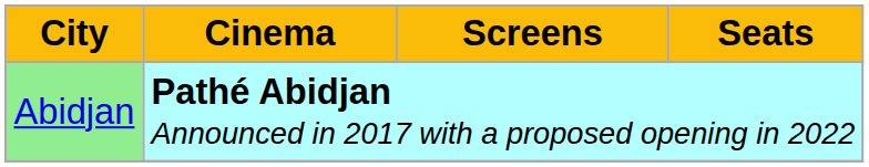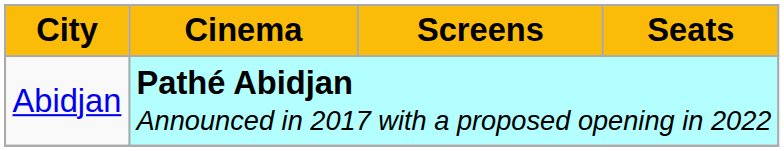 <table class="wikitable sortable mw-collapsible mw-collapsed">
 <tr>
 <th style="background: #FBBC09;">City</th>
 <th colspan="2" style="background: #FBBC09;">Cinema</th>
 <th style="background: #FBBC09;">Screens</th>
 <th style="background: #FBBC09;">Seats</th>
 </tr>
 <tr>
-<td style="background: lightgreen;"><a href='#'>Abidjan</a></td>
+<td><a href='#'>Abidjan</a></td>
 <td colspan="4" style="background: #B3FFFF;"><strong>Pathé Abidjan</strong><br><em><small>Announced in 2017 with a proposed opening in 2022</small></em></td>
 </tr>
 <tr>
 </tr>
 </table>
